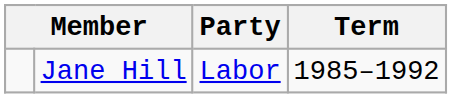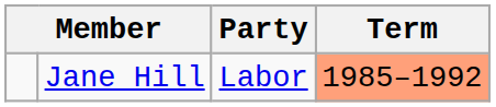 <table class="wikitable">
 <tr>
 <th colspan="2">Member</th>
 <th>Party</th>
 <th>Term</th>
 </tr>
 <tr>
 <td> </td>
 <td><a href='#'>Jane Hill</a></td>
 <td><a href='#'>Labor</a></td>
-<td>1985–1992</td>
+<td style="background: lightsalmon;">1985–1992</td>
 </tr>
 </table>
